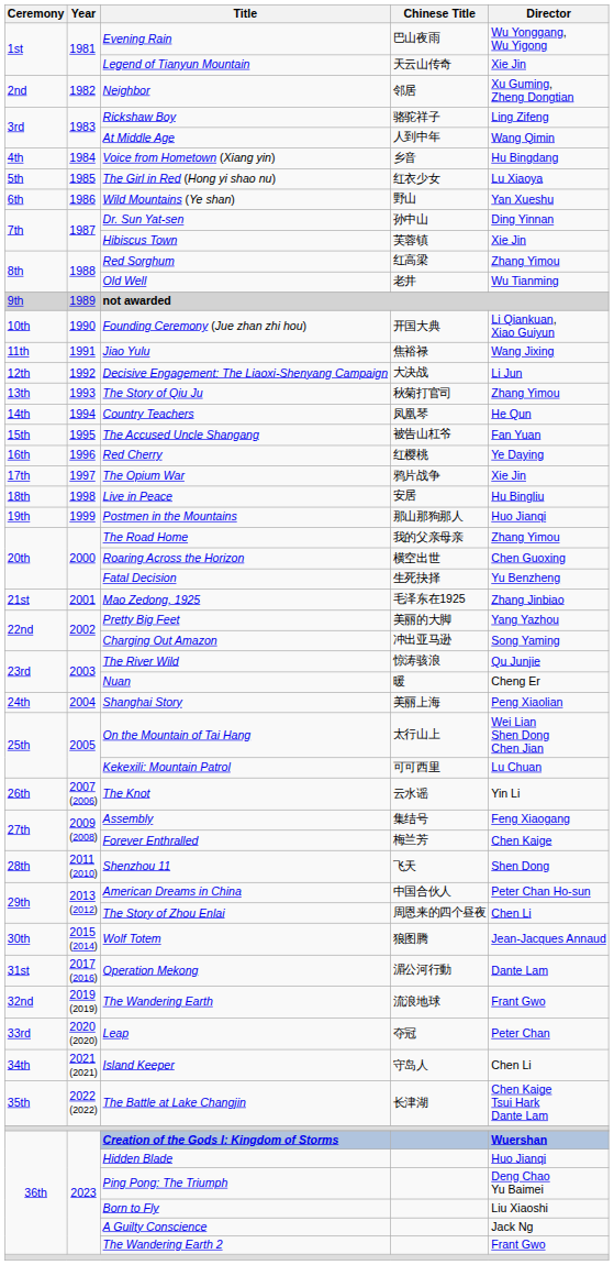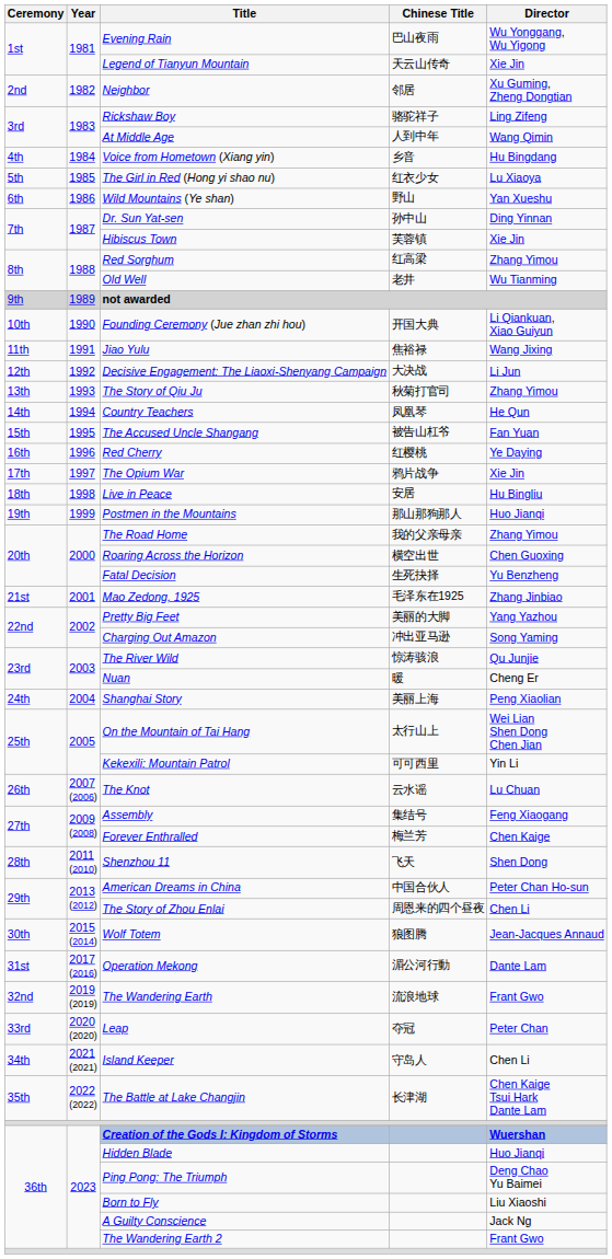 <table class="wikitable">
 <tr>
 <th>Ceremony</th>
 <th>Year</th>
 <th>Title</th>
 <th>Chinese Title</th>
 <th>Director</th>
 </tr>
 <tr>
 <td rowspan="2"><a href='#'>1st</a></td>
 <td rowspan="2"><a href='#'>1981</a></td>
 <td><em><a href='#'>Evening Rain</a></em></td>
 <td>巴山夜雨</td>
 <td><a href='#'>Wu Yonggang</a>,<br><a href='#'>Wu Yigong</a></td>
 </tr>
 <tr>
 <td><em><a href='#'>Legend of Tianyun Mountain</a></em></td>
 <td>天云山传奇</td>
 <td><a href='#'>Xie Jin</a></td>
 </tr>
 <tr>
 <td><a href='#'>2nd</a></td>
 <td><a href='#'>1982</a></td>
 <td><em><a href='#'>Neighbor</a></em></td>
 <td>邻居</td>
 <td><a href='#'>Xu Guming</a>,<br><a href='#'>Zheng Dongtian</a></td>
 </tr>
 <tr>
 <td rowspan ="2"><a href='#'>3rd</a></td>
 <td rowspan="2"><a href='#'>1983</a></td>
 <td><em><a href='#'>Rickshaw Boy</a></em></td>
 <td>骆驼祥子</td>
 <td><a href='#'>Ling Zifeng</a></td>
 </tr>
 <tr>
 <td><em><a href='#'>At Middle Age</a></em></td>
 <td>人到中年</td>
 <td><a href='#'>Wang Qimin</a></td>
 </tr>
 <tr>
 <td><a href='#'>4th</a></td>
 <td><a href='#'>1984</a></td>
 <td><em><a href='#'>Voice from Hometown</a></em> (<em>Xiang yin</em>)</td>
 <td>乡音</td>
 <td><a href='#'>Hu Bingdang</a></td>
 </tr>
 <tr>
 <td><a href='#'>5th</a></td>
 <td><a href='#'>1985</a></td>
 <td><em><a href='#'>The Girl in Red</a></em> (<em>Hong yi shao nu</em>)</td>
 <td>红衣少女</td>
 <td><a href='#'>Lu Xiaoya</a></td>
 </tr>
 <tr>
 <td><a href='#'>6th</a></td>
 <td><a href='#'>1986</a></td>
 <td><em><a href='#'>Wild Mountains</a></em> (<em>Ye shan</em>)</td>
 <td>野山</td>
 <td><a href='#'>Yan Xueshu</a></td>
 </tr>
 <tr>
 <td rowspan="2"><a href='#'>7th</a></td>
 <td rowspan="2"><a href='#'>1987</a></td>
 <td><em><a href='#'>Dr. Sun Yat-sen</a></em></td>
 <td>孙中山</td>
 <td><a href='#'>Ding Yinnan</a></td>
 </tr>
 <tr>
 <td><em><a href='#'>Hibiscus Town</a></em></td>
 <td>芙蓉镇</td>
 <td><a href='#'>Xie Jin</a></td>
 </tr>
 <tr>
 <td rowspan="2"><a href='#'>8th</a></td>
 <td rowspan="2"><a href='#'>1988</a></td>
 <td><em><a href='#'>Red Sorghum</a></em></td>
 <td>红高梁</td>
 <td><a href='#'>Zhang Yimou</a></td>
 </tr>
 <tr>
 <td><em><a href='#'>Old Well</a></em></td>
 <td>老井</td>
 <td><a href='#'>Wu Tianming</a></td>
 </tr>
 <tr bgcolor=lightgrey>
 <td><a href='#'>9th</a></td>
 <td><a href='#'>1989</a></td>
 <td colspan=3><strong>not awarded</strong></td>
 </tr>
 <tr>
 <td><a href='#'>10th</a></td>
 <td><a href='#'>1990</a></td>
 <td><em><a href='#'>Founding Ceremony</a></em> (<em>Jue zhan zhi hou</em>)</td>
 <td>开国大典</td>
 <td><a href='#'>Li Qiankuan</a>,<br><a href='#'>Xiao Guiyun</a></td>
 </tr>
 <tr>
 <td><a href='#'>11th</a></td>
 <td><a href='#'>1991</a></td>
 <td><em><a href='#'>Jiao Yulu</a></em></td>
 <td>焦裕禄</td>
 <td><a href='#'>Wang Jixing</a></td>
 </tr>
 <tr>
 <td><a href='#'>12th</a></td>
 <td><a href='#'>1992</a></td>
 <td><em><a href='#'>Decisive Engagement: The Liaoxi-Shenyang Campaign</a></em></td>
 <td>大决战</td>
 <td><a href='#'>Li Jun</a></td>
 </tr>
 <tr>
 <td><a href='#'>13th</a></td>
 <td><a href='#'>1993</a></td>
 <td><em><a href='#'>The Story of Qiu Ju</a></em></td>
 <td>秋菊打官司</td>
 <td><a href='#'>Zhang Yimou</a></td>
 </tr>
 <tr>
 <td><a href='#'>14th</a></td>
 <td><a href='#'>1994</a></td>
 <td><em><a href='#'>Country Teachers</a></em></td>
 <td>凤凰琴</td>
 <td><a href='#'>He Qun</a></td>
 </tr>
 <tr>
 <td><a href='#'>15th</a></td>
 <td><a href='#'>1995</a></td>
 <td><em><a href='#'>The Accused Uncle Shangang</a></em></td>
 <td>被告山杠爷</td>
 <td><a href='#'>Fan Yuan</a></td>
 </tr>
 <tr>
 <td><a href='#'>16th</a></td>
 <td><a href='#'>1996</a></td>
 <td><em><a href='#'>Red Cherry</a></em></td>
 <td>红樱桃</td>
 <td><a href='#'>Ye Daying</a></td>
 </tr>
 <tr>
 <td><a href='#'>17th</a></td>
 <td><a href='#'>1997</a></td>
 <td><em><a href='#'>The Opium War</a></em></td>
 <td>鸦片战争</td>
 <td><a href='#'>Xie Jin</a></td>
 </tr>
 <tr>
 <td><a href='#'>18th</a></td>
 <td><a href='#'>1998</a></td>
 <td><em><a href='#'>Live in Peace</a></em></td>
 <td>安居</td>
 <td><a href='#'>Hu Bingliu</a></td>
 </tr>
 <tr>
 <td><a href='#'>19th</a></td>
 <td><a href='#'>1999</a></td>
 <td><em><a href='#'>Postmen in the Mountains</a></em></td>
 <td>那山那狗那人</td>
 <td><a href='#'>Huo Jianqi</a></td>
 </tr>
 <tr>
 <td rowspan="3"><a href='#'>20th</a></td>
 <td rowspan="3"><a href='#'>2000</a></td>
 <td><em><a href='#'>The Road Home</a></em></td>
 <td>我的父亲母亲</td>
 <td><a href='#'>Zhang Yimou</a></td>
 </tr>
 <tr>
 <td><em><a href='#'>Roaring Across the Horizon</a></em></td>
 <td>横空出世</td>
 <td><a href='#'>Chen Guoxing</a></td>
 </tr>
 <tr>
 <td><em><a href='#'>Fatal Decision</a></em></td>
 <td>生死抉择</td>
 <td><a href='#'>Yu Benzheng</a></td>
 </tr>
 <tr>
 <td><a href='#'>21st</a></td>
 <td><a href='#'>2001</a></td>
 <td><em><a href='#'>Mao Zedong, 1925</a></em></td>
 <td>毛泽东在1925</td>
 <td><a href='#'>Zhang Jinbiao</a></td>
 </tr>
 <tr>
 <td rowspan="2"><a href='#'>22nd</a></td>
 <td rowspan="2"><a href='#'>2002</a></td>
 <td><em><a href='#'>Pretty Big Feet</a></em></td>
 <td>美丽的大脚</td>
 <td><a href='#'>Yang Yazhou</a></td>
 </tr>
 <tr>
 <td><em><a href='#'>Charging Out Amazon</a></em></td>
 <td>冲出亚马逊</td>
 <td><a href='#'>Song Yaming</a></td>
 </tr>
 <tr>
 <td rowspan="2"><a href='#'>23rd</a></td>
 <td rowspan="2"><a href='#'>2003</a></td>
 <td><em><a href='#'>The River Wild</a></em></td>
 <td>惊涛骇浪</td>
 <td><a href='#'>Qu Junjie</a></td>
 </tr>
 <tr>
 <td><em><a href='#'>Nuan</a></em></td>
 <td>暖</td>
 <td>Cheng Er</td>
 </tr>
 <tr>
 <td><a href='#'>24th</a></td>
 <td><a href='#'>2004</a></td>
 <td><em><a href='#'>Shanghai Story</a></em></td>
 <td>美丽上海</td>
 <td><a href='#'>Peng Xiaolian</a></td>
 </tr>
 <tr>
 <td rowspan="2"><a href='#'>25th</a></td>
 <td rowspan="2"><a href='#'>2005</a></td>
 <td><em><a href='#'>On the Mountain of Tai Hang</a></em></td>
 <td>太行山上</td>
 <td><a href='#'>Wei Lian</a> <br><a href='#'>Shen Dong</a> <br> <a href='#'>Chen Jian</a></td>
 </tr>
 <tr>
 <td><em><a href='#'>Kekexili: Mountain Patrol</a></em></td>
 <td>可可西里</td>
-<td><a href='#'>Lu Chuan</a></td>
+<td>Yin Li</td>
 </tr>
 <tr>
 <td><a href='#'>26th</a></td>
 <td><a href='#'>2007</a><br><small>(<a href='#'>2006</a>)</small></td>
 <td><em><a href='#'>The Knot</a></em></td>
 <td>云水谣</td>
-<td>Yin Li</td>
+<td><a href='#'>Lu Chuan</a></td>
 </tr>
 <tr>
 <td rowspan="2"><a href='#'>27th</a></td>
 <td rowspan="2"><a href='#'>2009</a><br><small>(<a href='#'>2008</a>)</small></td>
 <td><em><a href='#'>Assembly</a></em></td>
 <td>集结号</td>
 <td><a href='#'>Feng Xiaogang</a></td>
 </tr>
 <tr>
 <td><em><a href='#'>Forever Enthralled</a></em></td>
 <td>梅兰芳</td>
 <td><a href='#'>Chen Kaige</a></td>
 </tr>
 <tr>
 <td rowspan="1"><a href='#'>28th</a></td>
 <td rowspan="1"><a href='#'>2011</a><br><small>(<a href='#'>2010</a>)</small></td>
 <td><em><a href='#'>Shenzhou 11</a></em></td>
 <td>飞天</td>
 <td><a href='#'>Shen Dong</a></td>
 </tr>
 <tr>
 <td rowspan="2"><a href='#'>29th</a></td>
 <td rowspan="2"><a href='#'>2013</a><br><small>(<a href='#'>2012</a>)</small></td>
 <td><em><a href='#'>American Dreams in China</a></em></td>
 <td>中国合伙人</td>
 <td><a href='#'>Peter Chan Ho-sun</a></td>
 </tr>
 <tr>
 <td><em><a href='#'>The Story of Zhou Enlai</a></em></td>
 <td>周恩来的四个昼夜</td>
 <td><a href='#'>Chen Li</a></td>
 </tr>
 <tr>
 <td><a href='#'>30th</a></td>
 <td><a href='#'>2015</a><br><small>(<a href='#'>2014</a>)</small></td>
 <td><em><a href='#'>Wolf Totem</a></em></td>
 <td>狼图腾</td>
 <td><a href='#'>Jean-Jacques Annaud</a></td>
 </tr>
 <tr>
 <td><a href='#'>31st</a></td>
 <td><a href='#'>2017</a><br><small>(<a href='#'>2016</a>)</small></td>
 <td><em><a href='#'>Operation Mekong</a></em></td>
 <td>湄公河行動</td>
 <td><a href='#'>Dante Lam</a></td>
 </tr>
 <tr>
 <td><a href='#'>32nd</a></td>
 <td><a href='#'>2019</a><br><small>(2019)</small></td>
 <td><em><a href='#'>The Wandering Earth</a></em></td>
 <td>流浪地球</td>
 <td><a href='#'>Frant Gwo</a></td>
 </tr>
 <tr>
 <td><a href='#'>33rd</a></td>
 <td><a href='#'>2020</a><br><small>(2020)</small></td>
 <td><em><a href='#'>Leap</a></em></td>
 <td>夺冠</td>
 <td><a href='#'>Peter Chan</a></td>
 </tr>
 <tr>
 <td><a href='#'>34th</a></td>
 <td><a href='#'>2021</a><br><small>(2021)</small></td>
 <td><em><a href='#'>Island Keeper</a></em></td>
 <td>守岛人</td>
 <td>Chen Li</td>
 </tr>
 <tr>
 <td><a href='#'>35th</a></td>
 <td><a href='#'>2022</a><br><small>(2022)</small></td>
 <td><em><a href='#'>The Battle at Lake Changjin</a></em></td>
 <td>长津湖</td>
 <td><a href='#'>Chen Kaige</a><br> <a href='#'>Tsui Hark</a> <br> <a href='#'>Dante Lam</a></td>
 </tr>
 <tr bgcolor=#DDDDDD>
 <td colspan=5></td>
 </tr>
 <tr>
 <td rowspan="7" style="text-align:center;"><a href='#'>36th</a></td>
 <td rowspan="7" style="text-align:center;"><a href='#'>2023</a></td>
 </tr>
 <tr style="background:#B0C4DE;">
 <td><strong><em><a href='#'>Creation of the Gods I: Kingdom of Storms</a></em></strong></td>
 <td><strong></strong></td>
 <td><strong><a href='#'>Wuershan</a></strong></td>
 </tr>
 <tr>
 <td><em><a href='#'>Hidden Blade</a></em></td>
 <td><em></em></td>
 <td><a href='#'>Huo Jianqi</a></td>
 </tr>
 <tr>
 <td><em><a href='#'>Ping Pong: The Triumph</a></em></td>
 <td></td>
 <td><a href='#'>Deng Chao</a> <br> Yu Baimei</td>
 </tr>
 <tr>
 <td><em><a href='#'>Born to Fly</a></em></td>
 <td></td>
 <td>Liu Xiaoshi</td>
 </tr>
 <tr>
 <td><em><a href='#'>A Guilty Conscience</a></em></td>
 <td></td>
 <td>Jack Ng</td>
 </tr>
 <tr>
 <td><em><a href='#'>The Wandering Earth 2</a></em></td>
 <td></td>
 <td><a href='#'>Frant Gwo</a></td>
 </tr>
 <tr bgcolor=#DDDDDD>
 <td colspan=5></td>
 </tr>
 </table>
